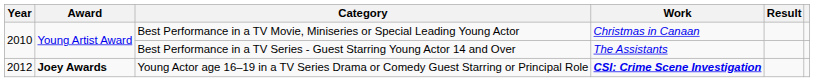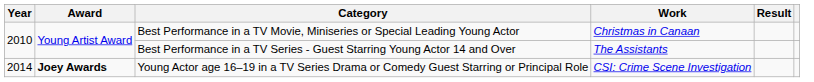 <table class="wikitable sortable">
 <tr>
 <th>Year</th>
 <th>Award</th>
 <th>Category</th>
 <th>Work</th>
 <th>Result</th>
 <th class="unsortable"></th>
 </tr>
 <tr>
 <td rowspan="2">2010</td>
 <td rowspan="2"><a href='#'>Young Artist Award</a></td>
 <td>Best Performance in a TV Movie, Miniseries or Special Leading Young Actor</td>
 <td><em><a href='#'>Christmas in Canaan</a></em></td>
 <td></td>
 <td style="text-align:center;"></td>
 </tr>
 <tr>
 <td>Best Performance in a TV Series - Guest Starring Young Actor 14 and Over</td>
 <td><em><a href='#'>The Assistants</a></em></td>
 <td></td>
 <td style="text-align:center;"></td>
 </tr>
 <tr>
-<td>2012</td>
+<td>2014</td>
 <td><strong>Joey Awards</strong></td>
 <td>Young Actor age 16–19 in a TV Series Drama or Comedy Guest Starring or Principal Role</td>
-<td><strong><em><a href='#'>CSI: Crime Scene Investigation</a></em></strong></td>
+<td><em><a href='#'>CSI: Crime Scene Investigation</a></em></td>
 <td></td>
 <td style="text-align:center;"></td>
 </tr>
 </table>
